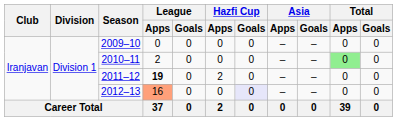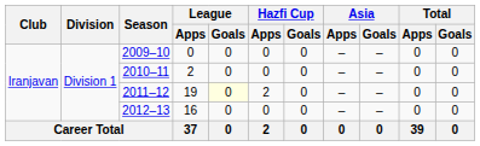 <table class="wikitable" style="text-align: center;">
 <tr>
 <th rowspan="2">Club</th>
 <th rowspan="2">Division</th>
 <th rowspan="2">Season</th>
 <th colspan="2">League</th>
 <th colspan="2"><a href='#'>Hazfi Cup</a></th>
 <th colspan="2"><a href='#'>Asia</a></th>
 <th colspan="2">Total</th>
 </tr>
 <tr>
 <th>Apps</th>
 <th>Goals</th>
 <th>Apps</th>
 <th>Goals</th>
 <th>Apps</th>
 <th>Goals</th>
 <th>Apps</th>
 <th>Goals</th>
 </tr>
 <tr>
 <td rowspan="4"><a href='#'>Iranjavan</a></td>
 <td rowspan="4"><a href='#'>Division 1</a></td>
 <td><a href='#'>2009–10</a></td>
 <td>0</td>
 <td>0</td>
 <td>0</td>
 <td>0</td>
 <td>–</td>
 <td>–</td>
 <td>0</td>
 <td>0</td>
 </tr>
 <tr>
 <td><a href='#'>2010–11</a></td>
 <td>2</td>
 <td>0</td>
 <td>0</td>
 <td>0</td>
 <td>–</td>
 <td>–</td>
-<td style="background: lightgreen;">0</td>
+<td>0</td>
 <td>0</td>
 </tr>
 <tr>
 <td><a href='#'>2011–12</a></td>
-<td><strong>19</strong></td>
-<td>0</td>
+<td>19</td>
+<td style="background: lightyellow;">0</td>
 <td>2</td>
 <td>0</td>
 <td>–</td>
 <td>–</td>
 <td>0</td>
 <td>0</td>
 </tr>
 <tr>
 <td><a href='#'>2012–13</a></td>
-<td style="background: lightsalmon;">16</td>
+<td>16</td>
 <td>0</td>
 <td>0</td>
-<td style="background: lavender;">0</td>
+<td>0</td>
 <td>–</td>
 <td>–</td>
 <td>0</td>
 <td>0</td>
 </tr>
 <tr>
 <th colspan=3>Career Total</th>
 <th>37</th>
 <th>0</th>
 <th>2</th>
 <th>0</th>
 <th>0</th>
 <th>0</th>
 <th>39</th>
 <th>0</th>
 </tr>
 </table>
